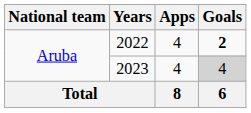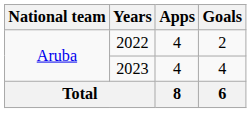 <table class="wikitable" style="text-align:center;">
 <tr>
 <th>National team</th>
 <th>Years</th>
 <th>Apps</th>
 <th>Goals</th>
 </tr>
 <tr>
 <td rowspan=2><a href='#'>Aruba</a></td>
 <td>2022</td>
 <td>4</td>
-<td><strong>2</strong></td>
+<td>2</td>
 </tr>
 <tr>
 <td>2023</td>
 <td>4</td>
-<td style="background: lightgrey;">4</td>
+<td>4</td>
 </tr>
 <tr>
 <th colspan=2>Total</th>
 <th>8</th>
 <th>6</th>
 </tr>
 </table>
